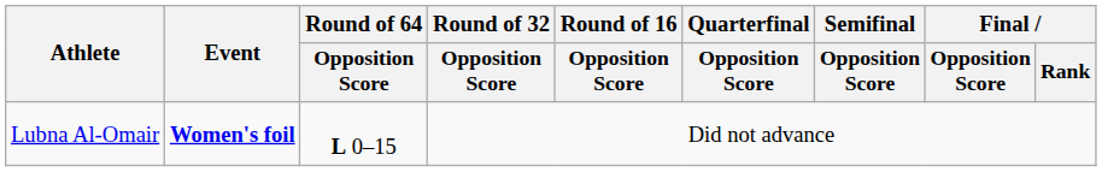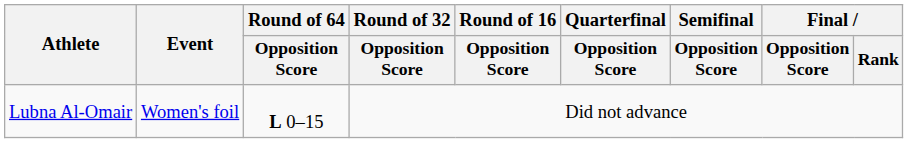 <table class="wikitable" style="font-size:90%">
 <tr>
 <th rowspan=2>Athlete</th>
 <th rowspan=2>Event</th>
 <th>Round of 64</th>
 <th>Round of 32</th>
 <th>Round of 16</th>
 <th>Quarterfinal</th>
 <th>Semifinal</th>
 <th colspan=2>Final / </th>
 </tr>
 <tr style="font-size:95%">
 <th>Opposition<br>Score</th>
 <th>Opposition<br>Score</th>
 <th>Opposition<br>Score</th>
 <th>Opposition<br>Score</th>
 <th>Opposition<br>Score</th>
 <th>Opposition<br>Score</th>
 <th>Rank</th>
 </tr>
 <tr align=center>
 <td align=left><a href='#'>Lubna Al-Omair</a></td>
-<td align=left><strong><a href='#'>Women's foil</a></strong></td>
+<td align=left><a href='#'>Women's foil</a></td>
 <td><br><strong>L</strong> 0–15</td>
 <td colspan=6>Did not advance</td>
 </tr>
 </table>
